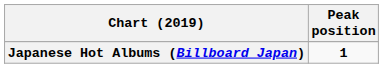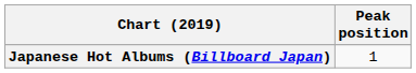 <table class="wikitable sortable plainrowheaders" style="text-align:center">
 <tr>
 <th scope="col">Chart (2019)</th>
 <th scope="col">Peak<br>position</th>
 </tr>
 <tr>
 </tr>
 <tr>
 <th scope="row">Japanese Hot Albums (<em><a href='#'>Billboard Japan</a></em>)</th>
-<td><strong>1</strong></td>
+<td>1</td>
 </tr>
 </table>
